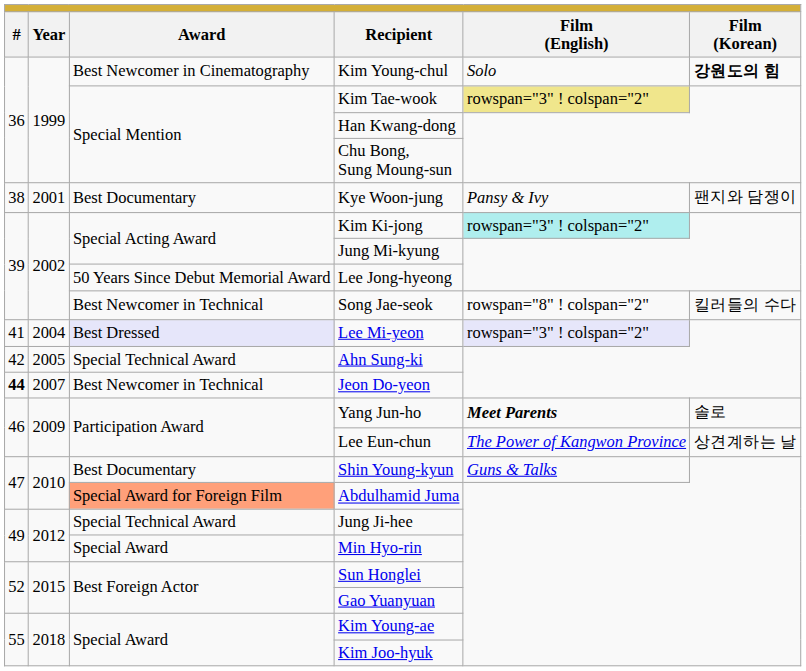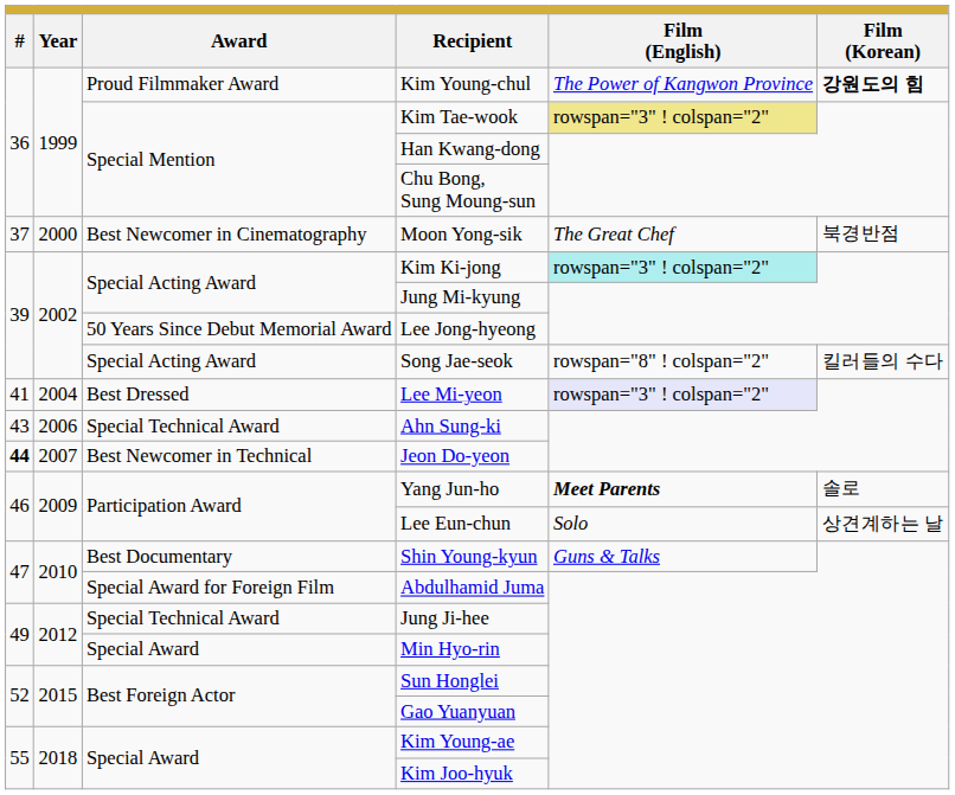 <table class="wikitable collapsible collapsed">
 <tr>
 <th colspan="6" style="background: #D4AF37;"></th>
 </tr>
 <tr>
 <th>#</th>
 <th>Year</th>
 <th>Award</th>
 <th>Recipient</th>
 <th>Film<br>(English)</th>
 <th>Film<br>(Korean)</th>
 </tr>
 <tr>
 <td rowspan="4">36</td>
 <td rowspan="4">1999</td>
-<td>Best Newcomer in Cinematography</td>
+<td>Proud Filmmaker Award</td>
 <td>Kim Young-chul</td>
-<td><em>Solo</em></td>
+<td><em><a href='#'>The Power of Kangwon Province</a></em></td>
 <td><strong>강원도의 힘</strong></td>
 </tr>
 <tr>
 <td rowspan="3">Special Mention</td>
 <td>Kim Tae-wook</td>
 <td style="background: khaki;">rowspan="3" ! colspan="2" </td>
 </tr>
 <tr>
 <td>Han Kwang-dong</td>
 </tr>
 <tr>
 <td>Chu Bong,<br>Sung Moung-sun</td>
 </tr>
 <tr>
-<td>38</td>
-<td>2001</td>
-<td>Best Documentary</td>
-<td>Kye Woon-jung</td>
-<td><em>Pansy & Ivy</em></td>
-<td>팬지와 담쟁이</td>
+<td>37</td>
+<td>2000</td>
+<td>Best Newcomer in Cinematography</td>
+<td>Moon Yong-sik</td>
+<td><em>The Great Chef</em></td>
+<td>북경반점</td>
 </tr>
 <tr>
 <td rowspan="4">39</td>
 <td rowspan="4">2002</td>
 <td rowspan="2">Special Acting Award</td>
 <td>Kim Ki-jong</td>
 <td style="background: paleturquoise;">rowspan="3" ! colspan="2" </td>
 </tr>
 <tr>
 <td>Jung Mi-kyung</td>
 </tr>
 <tr>
 <td>50 Years Since Debut Memorial Award</td>
 <td>Lee Jong-hyeong</td>
 </tr>
 <tr>
-<td>Best Newcomer in Technical</td>
+<td>Special Acting Award</td>
 <td>Song Jae-seok</td>
 <td>rowspan="8" ! colspan="2" </td>
 <td>킬러들의 수다</td>
 </tr>
 <tr>
 <td>41</td>
 <td>2004</td>
-<td style="background: lavender;">Best Dressed</td>
+<td>Best Dressed</td>
 <td><a href='#'>Lee Mi-yeon</a></td>
 <td style="background: lavender;">rowspan="3" ! colspan="2" </td>
 </tr>
 <tr>
-<td>42</td>
-<td>2005</td>
+<td>43</td>
+<td>2006</td>
 <td>Special Technical Award</td>
 <td><a href='#'>Ahn Sung-ki</a></td>
 </tr>
 <tr>
 <td><strong>44</strong></td>
 <td>2007</td>
 <td>Best Newcomer in Technical</td>
 <td><a href='#'>Jeon Do-yeon</a></td>
 </tr>
 <tr>
 <td rowspan="2">46</td>
 <td rowspan="2">2009</td>
 <td rowspan="2">Participation Award</td>
 <td>Yang Jun-ho</td>
 <td><strong><em>Meet Parents</em></strong></td>
 <td>솔로</td>
 </tr>
 <tr>
 <td>Lee Eun-chun</td>
-<td><em><a href='#'>The Power of Kangwon Province</a></em></td>
+<td><em>Solo</em></td>
 <td>상견계하는 날</td>
 </tr>
 <tr>
 <td rowspan="2">47</td>
 <td rowspan="2">2010</td>
 <td>Best Documentary</td>
 <td><a href='#'>Shin Young-kyun</a></td>
 <td><em><a href='#'>Guns & Talks</a></em></td>
 </tr>
 <tr>
-<td style="background: lightsalmon;">Special Award for Foreign Film</td>
+<td>Special Award for Foreign Film</td>
 <td><a href='#'>Abdulhamid Juma</a></td>
 </tr>
 <tr>
 <td rowspan="2">49</td>
 <td rowspan="2">2012</td>
 <td>Special Technical Award</td>
 <td>Jung Ji-hee</td>
 </tr>
 <tr>
 <td>Special Award</td>
 <td><a href='#'>Min Hyo-rin</a></td>
 </tr>
 <tr>
 <td rowspan="2">52</td>
 <td rowspan="2">2015</td>
 <td rowspan="2">Best Foreign Actor</td>
 <td><a href='#'>Sun Honglei</a></td>
 </tr>
 <tr>
 <td><a href='#'>Gao Yuanyuan</a></td>
 </tr>
 <tr>
 <td rowspan="2">55</td>
 <td rowspan="2">2018</td>
 <td rowspan="2">Special Award</td>
 <td><a href='#'>Kim Young-ae</a></td>
 </tr>
 <tr>
 <td><a href='#'>Kim Joo-hyuk</a></td>
 </tr>
 </table>
